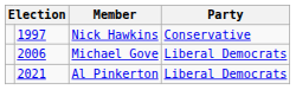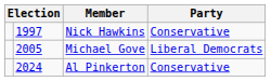 <table class="wikitable">
 <tr>
 <th colspan="2">Election</th>
 <th>Member</th>
 <th>Party</th>
 </tr>
 <tr>
 <td style="color:inherit;background-color: "></td>
 <td><a href='#'>1997</a></td>
 <td><a href='#'>Nick Hawkins</a></td>
 <td><a href='#'>Conservative</a></td>
 </tr>
 <tr>
 <td style="color:inherit;background-color: "></td>
-<td><a href='#'>2006</a></td>
+<td><a href='#'>2005</a></td>
 <td><a href='#'>Michael Gove</a></td>
 <td><a href='#'>Liberal Democrats</a></td>
 </tr>
 <tr>
 <td style="color:inherit;background-color: "></td>
-<td><a href='#'>2021</a></td>
+<td><a href='#'>2024</a></td>
 <td><a href='#'>Al Pinkerton</a></td>
-<td><a href='#'>Liberal Democrats</a></td>
+<td><a href='#'>Conservative</a></td>
 </tr>
 </table>
